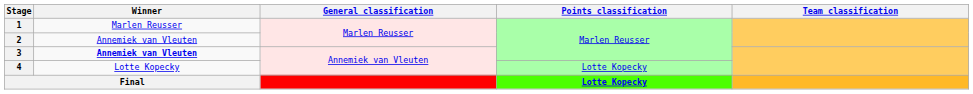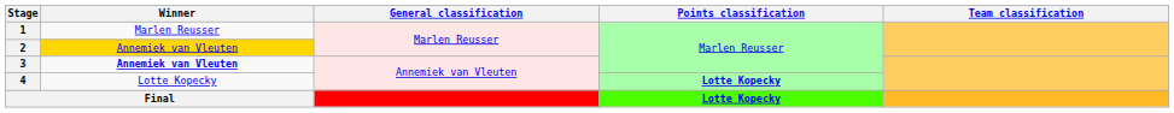 <table class="wikitable" style="text-align: center; font-size:smaller;">
 <tr style="background-color: #efefef;">
 <th scope="col" width="1%">Stage</th>
 <th scope="col" width="23%">Winner</th>
 <th scope="col" width="24%"><a href='#'>General classification</a><br></th>
 <th scope="col" width="24%"><a href='#'>Points classification</a><br></th>
 <th scope="col" width="24%"><a href='#'>Team classification</a></th>
 </tr>
 <tr>
 <th>1</th>
 <td><a href='#'>Marlen Reusser</a></td>
 <td style="background:#FFE6E6;" rowspan="2"><a href='#'>Marlen Reusser</a></td>
 <td style="background:#A9FFA9;" rowspan="3"><a href='#'>Marlen Reusser</a></td>
 <td style="background:#FFCD5F;" rowspan="2"></td>
 </tr>
 <tr>
 <th>2</th>
-<td><a href='#'>Annemiek van Vleuten</a></td>
+<td style="background: gold;"><a href='#'>Annemiek van Vleuten</a></td>
 </tr>
 <tr>
 <th>3</th>
 <td><strong><a href='#'>Annemiek van Vleuten</a></strong></td>
 <td style="background:#FFE6E6;" rowspan="2"><a href='#'>Annemiek van Vleuten</a></td>
 <td style="background:#FFCD5F;" rowspan="2"></td>
 </tr>
 <tr>
 <th>4</th>
 <td><a href='#'>Lotte Kopecky</a></td>
-<td style="background:#A9FFA9;"><a href='#'>Lotte Kopecky</a></td>
+<td style="background:#A9FFA9;"><strong><a href='#'>Lotte Kopecky</a></strong></td>
 </tr>
 <tr>
 <th colspan="2">Final</th>
 <th style="background:#f00;"></th>
 <th style="background:#4CFF00;"><a href='#'>Lotte Kopecky</a></th>
 <th style="background:#FFB927;"></th>
 </tr>
 </table>
